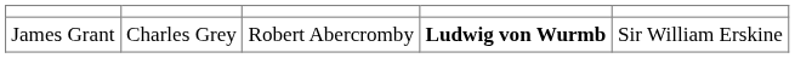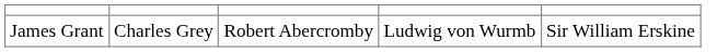 <table cellpadding="4" cellspacing="2" border="1" style="border-collapse:collapse;">
 <tr>
 <td></td>
 <td></td>
 <td></td>
 <td></td>
 <td></td>
 </tr>
 <tr>
 <td>James Grant</td>
 <td>Charles Grey</td>
 <td>Robert Abercromby</td>
-<td><strong>Ludwig von Wurmb</strong></td>
+<td>Ludwig von Wurmb</td>
 <td>Sir William Erskine</td>
 </tr>
 </table>
